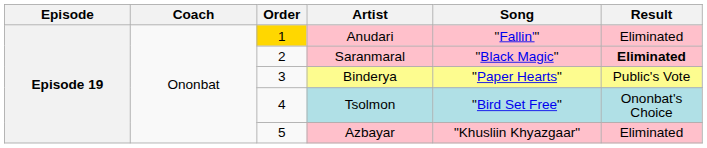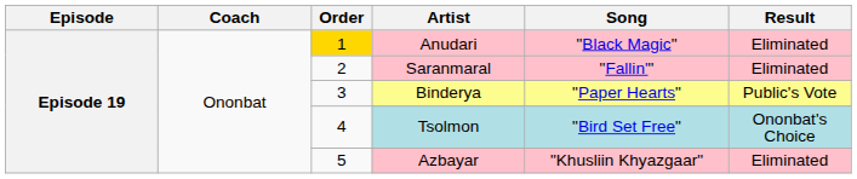 <table class="wikitable" style="text-align:center; line-height:17px; width:65%;">
 <tr>
 <th width="15%">Episode</th>
 <th width="15%">Coach</th>
 <th width="05%">Order</th>
 <th width="15%">Artist</th>
 <th width="20%">Song</th>
 <th width="12%">Result</th>
 </tr>
 <tr>
 <th rowspan="5">Episode 19<br><small></small></th>
 <td rowspan="5">Ononbat</td>
 <td style="background: gold;">1</td>
 <td style="background:pink;">Anudari</td>
-<td style="background:pink;">"<a href='#'>Fallin'</a>"</td>
+<td style="background:pink;">"<a href='#'>Black Magic</a>"</td>
 <td style="background:pink;">Eliminated</td>
 </tr>
 <tr>
 <td>2</td>
 <td style="background:pink;">Saranmaral</td>
-<td style="background:pink;">"<a href='#'>Black Magic</a>"</td>
-<td style="background:pink;"><strong>Eliminated</strong></td>
+<td style="background:pink;">"<a href='#'>Fallin'</a>"</td>
+<td style="background:pink;">Eliminated</td>
 </tr>
 <tr>
 <td>3</td>
 <td style="background:#fdfc8f;">Binderya</td>
 <td style="background:#fdfc8f;">"<a href='#'>Paper Hearts</a>"</td>
 <td style="background:#fdfc8f;">Public's Vote</td>
 </tr>
 <tr>
 <td>4</td>
 <td style="background:#B0E0E6;">Tsolmon</td>
 <td style="background:#B0E0E6;">"<a href='#'>Bird Set Free</a>"</td>
 <td style="background:#B0E0E6;">Ononbat's Choice</td>
 </tr>
 <tr>
 <td>5</td>
 <td style="background:pink;">Azbayar</td>
 <td style="background:pink;">"Khusliin Khyazgaar"</td>
 <td style="background:pink;">Eliminated</td>
 </tr>
 </table>
